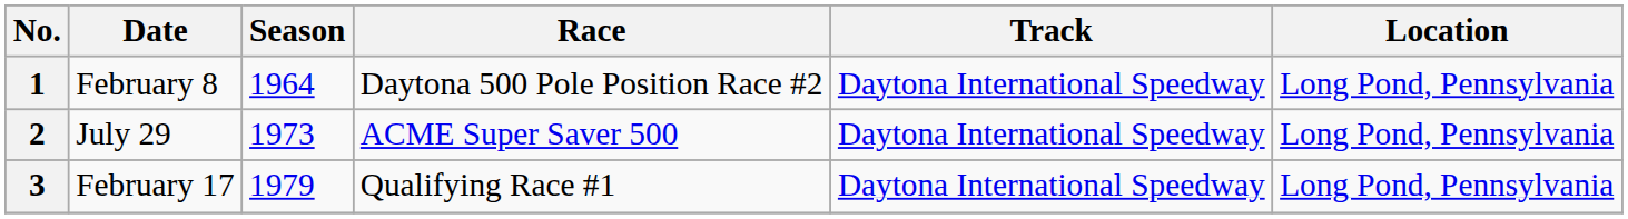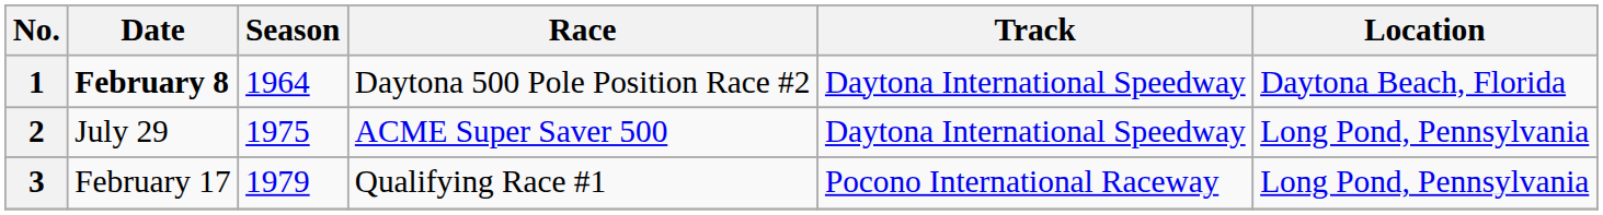 <table class="wikitable sortable">
 <tr>
 <th scope="col">No.</th>
 <th scope="col">Date</th>
 <th scope="col">Season</th>
 <th scope="col">Race</th>
 <th scope="col">Track</th>
 <th scope="col">Location</th>
 </tr>
 <tr>
 <th scope="row">1</th>
-<td>February 8</td>
+<td><strong>February 8</strong></td>
 <td><a href='#'>1964</a></td>
 <td>Daytona 500 Pole Position Race #2</td>
 <td><a href='#'>Daytona International Speedway</a></td>
-<td><a href='#'>Long Pond, Pennsylvania</a></td>
+<td><a href='#'>Daytona Beach, Florida</a></td>
 </tr>
 <tr>
 <th scope="row">2</th>
 <td>July 29</td>
-<td><a href='#'>1973</a></td>
+<td><a href='#'>1975</a></td>
 <td><a href='#'>ACME Super Saver 500</a></td>
 <td><a href='#'>Daytona International Speedway</a></td>
 <td><a href='#'>Long Pond, Pennsylvania</a></td>
 </tr>
 <tr>
 <th scope="row">3</th>
 <td>February 17</td>
 <td><a href='#'>1979</a></td>
 <td>Qualifying Race #1</td>
-<td><a href='#'>Daytona International Speedway</a></td>
+<td><a href='#'>Pocono International Raceway</a></td>
 <td><a href='#'>Long Pond, Pennsylvania</a></td>
 </tr>
 <tr>
 </tr>
 </table>
